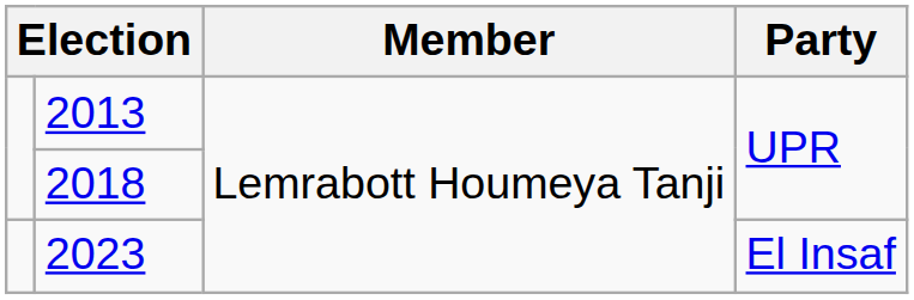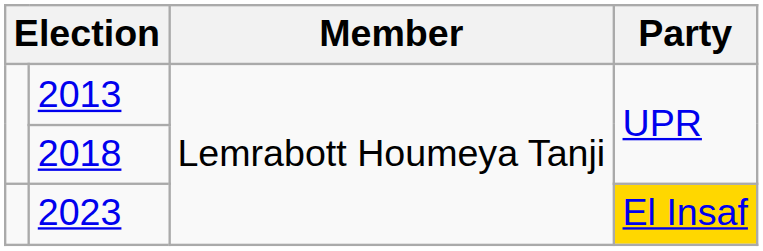 <table class="wikitable">
 <tr>
 <th colspan="2">Election</th>
 <th>Member</th>
 <th>Party</th>
 </tr>
 <tr>
 <td rowspan="2" style="color:inherit;background:"></td>
 <td><a href='#'>2013</a></td>
 <td rowspan="3">Lemrabott Houmeya Tanji</td>
 <td rowspan="2"><a href='#'>UPR</a></td>
 </tr>
 <tr>
 <td><a href='#'>2018</a></td>
 </tr>
 <tr>
 <td style="color:inherit;background:"></td>
 <td><a href='#'>2023</a></td>
-<td><a href='#'>El Insaf</a></td>
+<td style="background: gold;"><a href='#'>El Insaf</a></td>
 </tr>
 </table>
